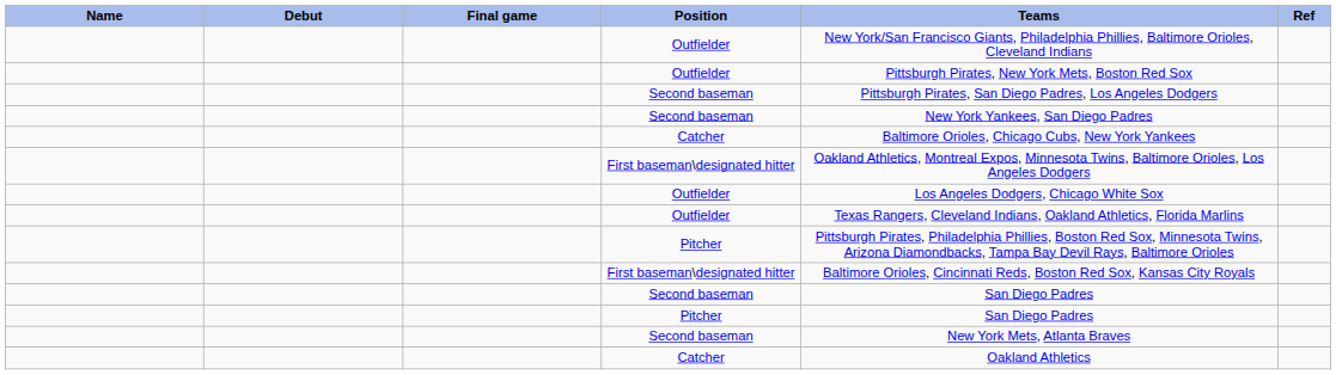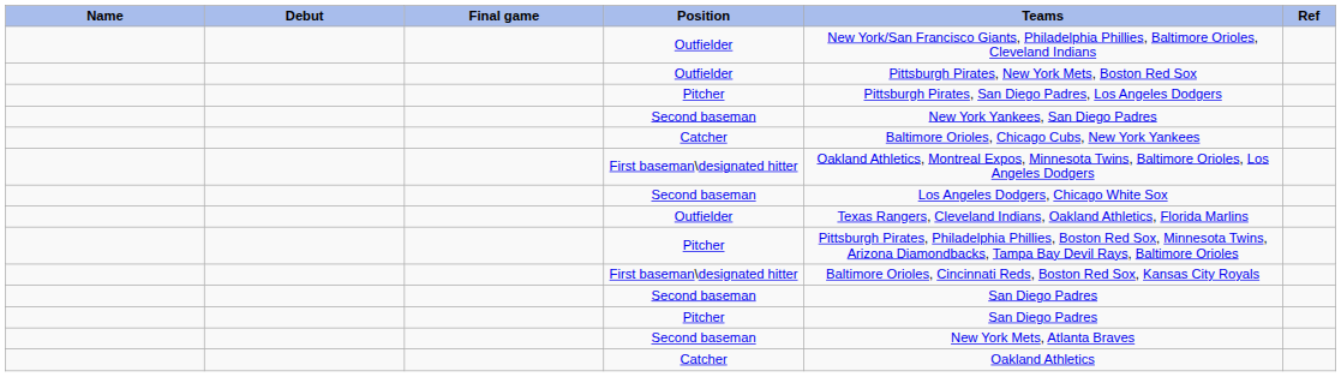 <table class="wikitable sortable" style="width: 100%">
 <tr>
 <th style="background:#A8BDEC;" width=15%>Name</th>
 <th width=15% style="background:#A8BDEC;">Debut</th>
 <th width=15% style="background:#A8BDEC;">Final game</th>
 <th width=15% style="background:#A8BDEC;">Position</th>
 <th width=36% style="background:#A8BDEC;">Teams</th>
 <th width=4% style="background:#A8BDEC;">Ref</th>
 </tr>
 <tr align=center>
 <td></td>
 <td></td>
 <td></td>
 <td><a href='#'>Outfielder</a></td>
 <td><a href='#'>New York/San Francisco Giants</a>, <a href='#'>Philadelphia Phillies</a>, <a href='#'>Baltimore Orioles</a>, <a href='#'>Cleveland Indians</a></td>
 <td></td>
 </tr>
 <tr align=center>
 <td></td>
 <td></td>
 <td></td>
 <td><a href='#'>Outfielder</a></td>
 <td><a href='#'>Pittsburgh Pirates</a>, <a href='#'>New York Mets</a>, <a href='#'>Boston Red Sox</a></td>
 <td></td>
 </tr>
 <tr align=center>
 <td></td>
 <td></td>
 <td></td>
-<td><a href='#'>Second baseman</a></td>
+<td><a href='#'>Pitcher</a></td>
 <td><a href='#'>Pittsburgh Pirates</a>, <a href='#'>San Diego Padres</a>, <a href='#'>Los Angeles Dodgers</a></td>
 <td></td>
 </tr>
 <tr align=center>
 <td></td>
 <td></td>
 <td></td>
 <td><a href='#'>Second baseman</a></td>
 <td><a href='#'>New York Yankees</a>, <a href='#'>San Diego Padres</a></td>
 <td></td>
 </tr>
 <tr align=center>
 <td></td>
 <td></td>
 <td></td>
 <td><a href='#'>Catcher</a></td>
 <td><a href='#'>Baltimore Orioles</a>, <a href='#'>Chicago Cubs</a>, <a href='#'>New York Yankees</a></td>
 <td></td>
 </tr>
 <tr align=center>
 <td></td>
 <td></td>
 <td></td>
 <td><a href='#'>First baseman</a>\<a href='#'>designated hitter</a></td>
 <td><a href='#'>Oakland Athletics</a>, <a href='#'>Montreal Expos</a>, <a href='#'>Minnesota Twins</a>, <a href='#'>Baltimore Orioles</a>, <a href='#'>Los Angeles Dodgers</a></td>
 <td></td>
 </tr>
 <tr align=center>
 <td></td>
 <td></td>
 <td></td>
-<td><a href='#'>Outfielder</a></td>
+<td><a href='#'>Second baseman</a></td>
 <td><a href='#'>Los Angeles Dodgers</a>, <a href='#'>Chicago White Sox</a></td>
 <td></td>
 </tr>
 <tr align=center>
 <td></td>
 <td></td>
 <td></td>
 <td><a href='#'>Outfielder</a></td>
 <td><a href='#'>Texas Rangers</a>, <a href='#'>Cleveland Indians</a>, <a href='#'>Oakland Athletics</a>, <a href='#'>Florida Marlins</a></td>
 <td></td>
 </tr>
 <tr align=center>
 <td></td>
 <td></td>
 <td></td>
 <td><a href='#'>Pitcher</a></td>
 <td><a href='#'>Pittsburgh Pirates</a>, <a href='#'>Philadelphia Phillies</a>, <a href='#'>Boston Red Sox</a>, <a href='#'>Minnesota Twins</a>, <a href='#'>Arizona Diamondbacks</a>, <a href='#'>Tampa Bay Devil Rays</a>, <a href='#'>Baltimore Orioles</a></td>
 <td></td>
 </tr>
 <tr align=center>
 <td></td>
 <td></td>
 <td></td>
 <td><a href='#'>First baseman</a>\<a href='#'>designated hitter</a></td>
 <td><a href='#'>Baltimore Orioles</a>, <a href='#'>Cincinnati Reds</a>, <a href='#'>Boston Red Sox</a>, <a href='#'>Kansas City Royals</a></td>
 <td></td>
 </tr>
 <tr align=center>
 <td></td>
 <td></td>
 <td></td>
 <td><a href='#'>Second baseman</a></td>
 <td><a href='#'>San Diego Padres</a></td>
 <td></td>
 </tr>
 <tr align=center>
 <td></td>
 <td></td>
 <td></td>
 <td><a href='#'>Pitcher</a></td>
 <td><a href='#'>San Diego Padres</a></td>
 <td></td>
 </tr>
 <tr align=center>
 <td><strong></strong></td>
 <td></td>
 <td></td>
 <td><a href='#'>Second baseman</a></td>
 <td><a href='#'>New York Mets</a>, <a href='#'>Atlanta Braves</a></td>
 <td></td>
 </tr>
 <tr align=center>
 <td><strong></strong></td>
 <td></td>
 <td></td>
 <td><a href='#'>Catcher</a></td>
 <td><a href='#'>Oakland Athletics</a></td>
 <td></td>
 </tr>
 </table>
